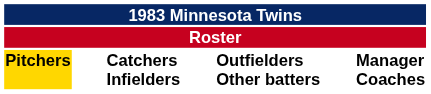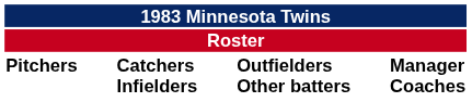 <table class="toccolours" style="font-size: 95%;">
 <tr>
 <th colspan="10" style="background-color: #072764; color: #FFFFFF; text-align: center;">1983 Minnesota Twins</th>
 </tr>
 <tr>
 <td colspan="10" style="background-color: #c6011f; color: white; text-align: center;"><strong>Roster</strong></td>
 </tr>
 <tr>
-<td valign="top" style="background: gold;"><strong>Pitchers</strong><br>             </td>
+<td valign="top"><strong>Pitchers</strong><br>             </td>
 <td width="25px"></td>
 <td valign="top"><strong>Catchers</strong><br>   <strong>Infielders</strong>         </td>
 <td width="25px"></td>
 <td valign="top"><strong>Outfielders</strong><br>        <strong>Other batters</strong> </td>
 <td width="25px"></td>
 <td valign="top"><strong>Manager</strong><br> <strong>Coaches</strong>     </td>
 </tr>
 <tr>
 </tr>
 </table>
